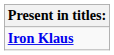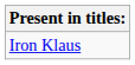 <table class="wikitable">
 <tr>
 <th>Present in titles:</th>
 </tr>
 <tr>
-<td><strong><a href='#'>Iron Klaus</a></strong></td>
+<td><a href='#'>Iron Klaus</a></td>
 </tr>
 </table>
